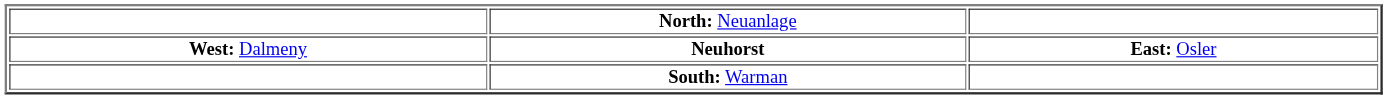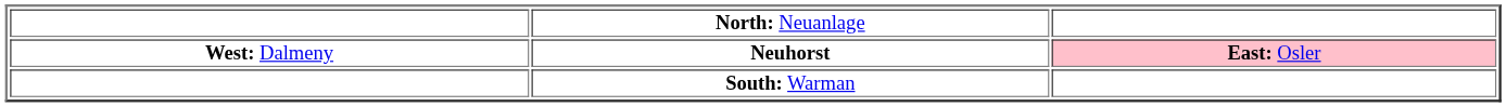 <table width="75%" border="2" align="center">
 <tr ---->
 <td width="35%" align="center"></td>
 <td width="30%" align="center"><strong>North:</strong> <a href='#'>Neuanlage</a></td>
 <td width="35%" align="center"></td>
 </tr>
 <tr ---->
 <td width ="10%" align="center"><strong>West:</strong> <a href='#'>Dalmeny</a></td>
 <td width ="35%" align="center"><strong>Neuhorst</strong></td>
-<td width ="30%" align="center"><strong>East:</strong> <a href='#'>Osler</a></td>
+<td width ="30%" align="center" style="background: pink;"><strong>East:</strong> <a href='#'>Osler</a></td>
 </tr>
 <tr ---->
 <td width ="35%" align="center"></td>
 <td width ="30%" align="center"><strong>South:</strong> <a href='#'>Warman</a></td>
 <td width ="35%" align="center"></td>
 </tr>
 </table>
